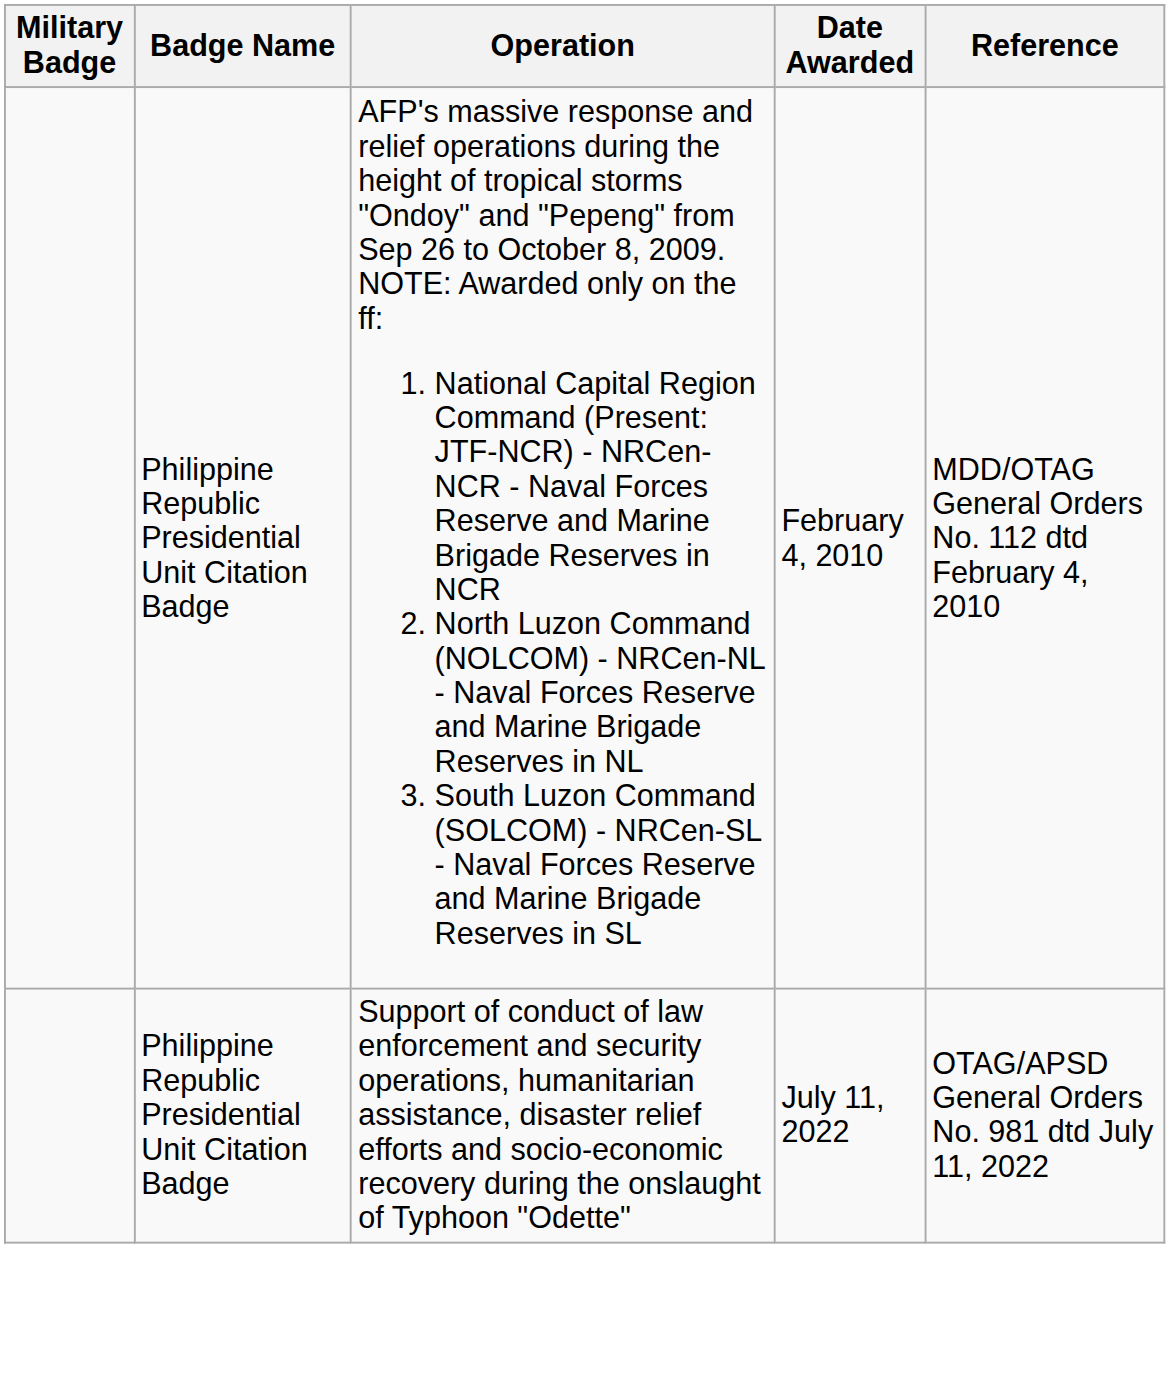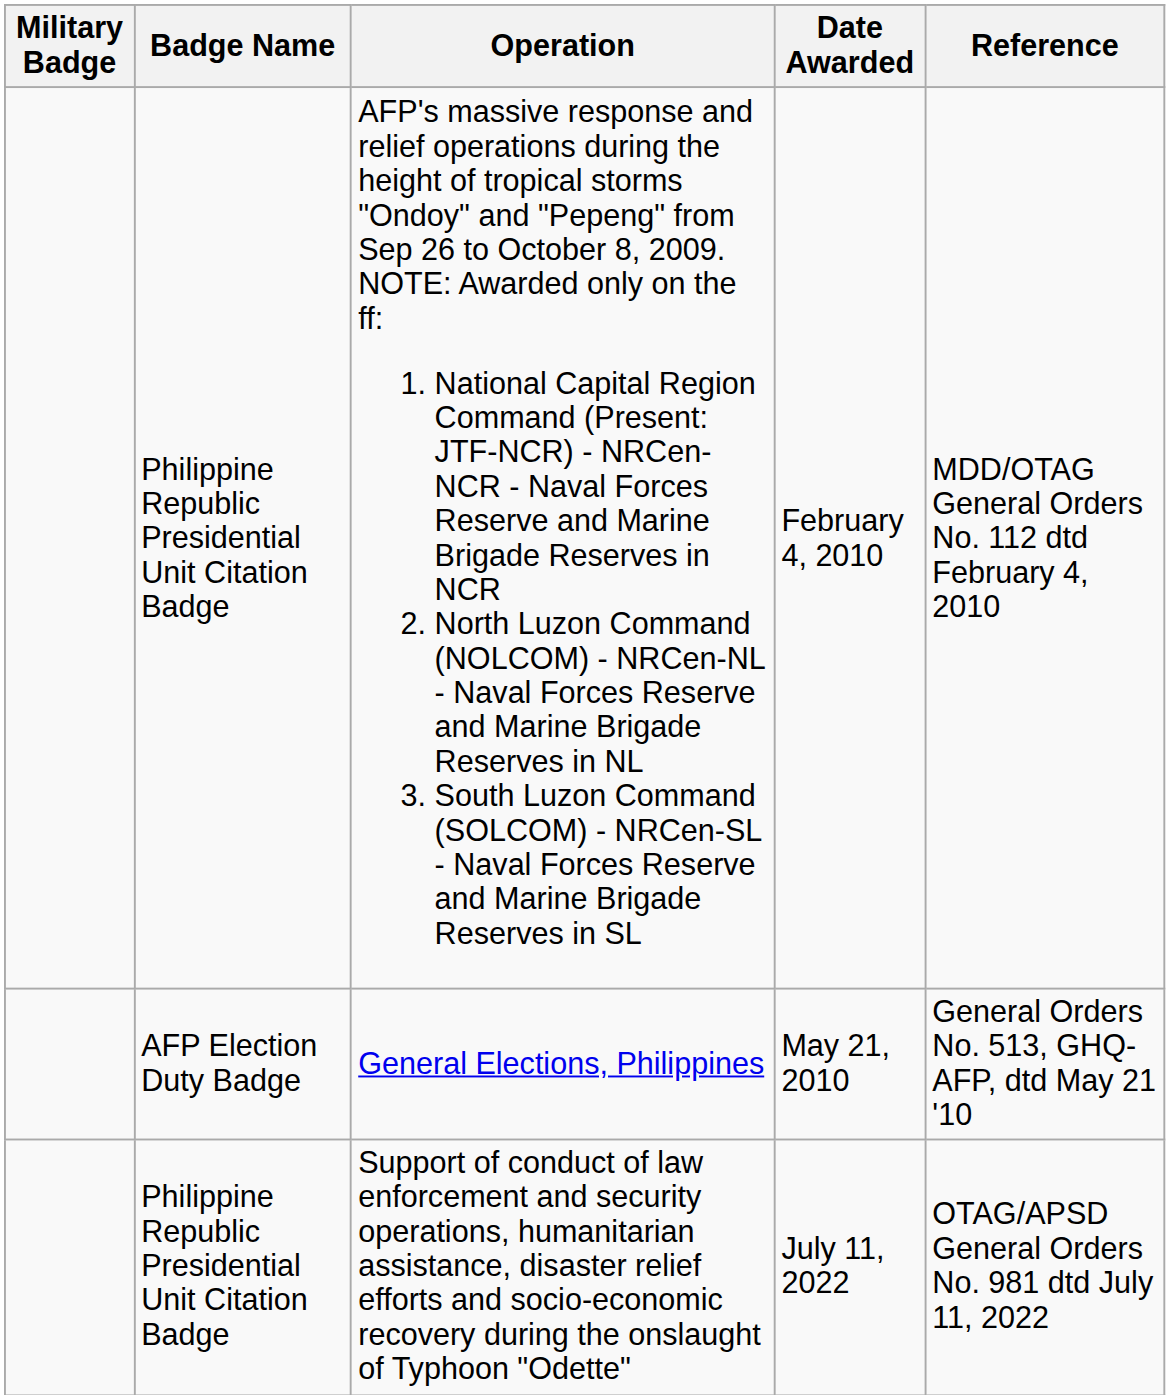 <table class="wikitable">
 <tr>
 <th>Military Badge</th>
 <th>Badge Name</th>
 <th>Operation</th>
 <th>Date Awarded</th>
 <th>Reference</th>
 </tr>
 <tr>
 <td></td>
 <td>Philippine Republic Presidential Unit Citation Badge</td>
 <td>AFP's massive response and relief operations during the height of tropical storms "Ondoy" and "Pepeng" from Sep 26 to October 8, 2009.<br>NOTE: Awarded only on the ff:<ol><li>National Capital Region Command (Present: JTF-NCR) - NRCen-NCR - Naval Forces Reserve and Marine Brigade Reserves in NCR</li><li>North Luzon Command (NOLCOM) - NRCen-NL - Naval Forces Reserve and Marine Brigade Reserves in NL</li><li>South Luzon Command (SOLCOM) - NRCen-SL - Naval Forces Reserve and Marine Brigade Reserves in SL</li></ol></td>
 <td>February 4, 2010</td>
 <td>MDD/OTAG General Orders No. 112 dtd February 4, 2010</td>
 </tr>
 <tr>
 <td></td>
+<td>AFP Election Duty Badge</td>
+<td><a href='#'>General Elections, Philippines</a></td>
+<td>May 21, 2010</td>
+<td>General Orders No. 513, GHQ-AFP, dtd May 21 '10</td>
+</tr>
+<tr>
+<td></td>
 <td>Philippine Republic Presidential Unit Citation Badge</td>
 <td>Support of conduct of law enforcement and security operations, humanitarian assistance, disaster relief efforts and socio-economic recovery during the onslaught of Typhoon "Odette"</td>
 <td>July 11, 2022</td>
 <td>OTAG/APSD General Orders No. 981 dtd July 11, 2022</td>
 </tr>
 </table>
